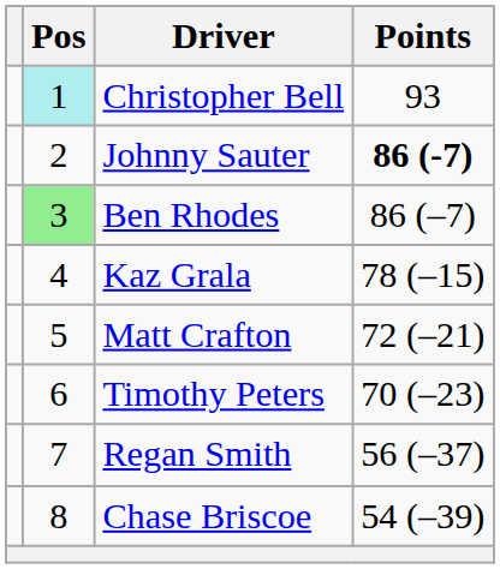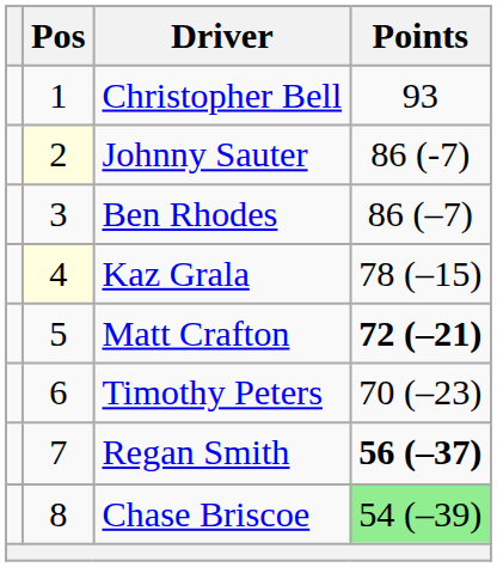 <table class="wikitable" style="font-size: 95%;">
 <tr>
 <th></th>
 <th>Pos</th>
 <th>Driver</th>
 <th>Points</th>
 </tr>
 <tr>
 <td align="left"></td>
-<td style="background: paleturquoise; text-align:center;">1</td>
+<td style="text-align:center;">1</td>
 <td><a href='#'>Christopher Bell</a></td>
 <td style="text-align:center;">93</td>
 </tr>
 <tr>
 <td align="left"></td>
-<td style="text-align:center;">2</td>
+<td style="background: lightyellow; text-align:center;">2</td>
 <td><a href='#'>Johnny Sauter</a></td>
-<td style="text-align:center;"><strong>86 (-7)</strong></td>
+<td style="text-align:center;">86 (-7)</td>
 </tr>
 <tr>
 <td align="left"></td>
-<td style="background: lightgreen; text-align:center;">3</td>
+<td style="text-align:center;">3</td>
 <td><a href='#'>Ben Rhodes</a></td>
 <td style="text-align:center;">86 (–7)</td>
 </tr>
 <tr>
 <td align="left"></td>
-<td style="text-align:center;">4</td>
+<td style="background: lightyellow; text-align:center;">4</td>
 <td><a href='#'>Kaz Grala</a></td>
 <td style="text-align:center;">78 (–15)</td>
 </tr>
 <tr>
 <td align="left"></td>
 <td style="text-align:center;">5</td>
 <td><a href='#'>Matt Crafton</a></td>
-<td style="text-align:center;">72 (–21)</td>
+<td style="text-align:center;"><strong>72 (–21)</strong></td>
 </tr>
 <tr>
 <td align="left"></td>
 <td style="text-align:center;">6</td>
 <td><a href='#'>Timothy Peters</a></td>
 <td style="text-align:center;">70 (–23)</td>
 </tr>
 <tr>
 <td align="left"></td>
 <td style="text-align:center;">7</td>
 <td><a href='#'>Regan Smith</a></td>
-<td style="text-align:center;">56 (–37)</td>
+<td style="text-align:center;"><strong>56 (–37)</strong></td>
 </tr>
 <tr>
 <td align="left"></td>
 <td style="text-align:center;">8</td>
 <td><a href='#'>Chase Briscoe</a></td>
-<td style="text-align:center;">54 (–39)</td>
+<td style="background: lightgreen; text-align:center;">54 (–39)</td>
 </tr>
 <tr class="sortbottom">
 <th colspan="9"></th>
 </tr>
 </table>
